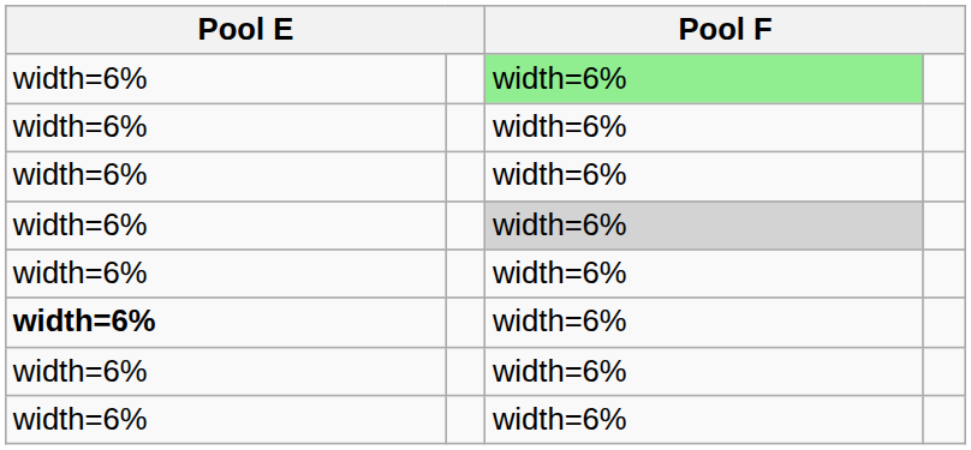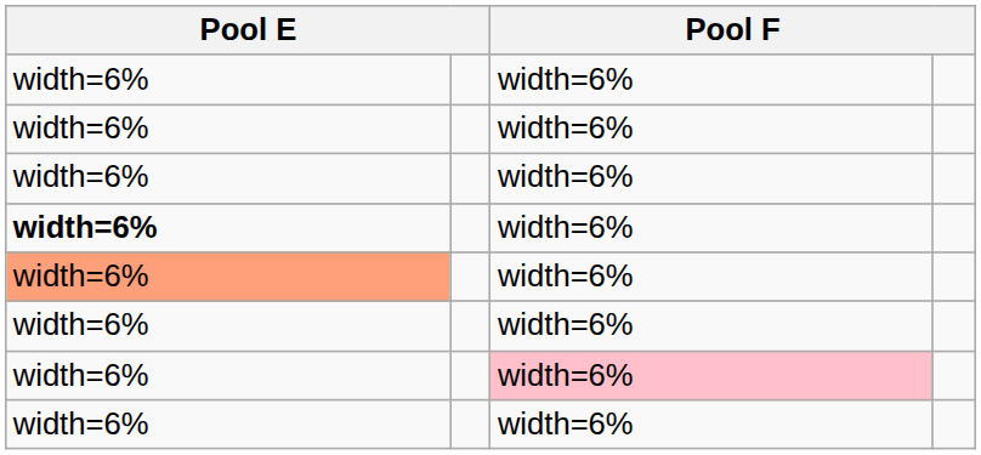 <table class="wikitable" width=500>
 <tr>
 <th width=50% colspan=2>Pool E</th>
 <th width=50% colspan=2>Pool F</th>
-</tr>
-<tr>
-<td>width=6% </td>
-<td></td>
-<td style="background: lightgreen;">width=6% </td>
-<td></td>
 </tr>
 <tr>
 <td>width=6% </td>
 <td></td>
 <td>width=6% </td>
 <td></td>
 </tr>
 <tr>
 <td>width=6% </td>
 <td></td>
 <td>width=6% </td>
 <td></td>
 </tr>
 <tr>
 <td>width=6% </td>
 <td></td>
-<td style="background: lightgrey;">width=6% </td>
+<td>width=6% </td>
 <td></td>
 </tr>
 <tr>
-<td>width=6% </td>
+<td><strong>width=6% </strong></td>
 <td></td>
 <td>width=6% </td>
 <td></td>
 </tr>
 <tr>
-<td><strong>width=6% </strong></td>
+<td style="background: lightsalmon;">width=6% </td>
 <td></td>
 <td>width=6% </td>
 <td></td>
 </tr>
 <tr>
 <td>width=6% </td>
 <td></td>
 <td>width=6% </td>
 <td></td>
 </tr>
 <tr>
 <td>width=6% </td>
 <td></td>
+<td style="background: pink;">width=6% </td>
+<td></td>
+</tr>
+<tr>
+<td>width=6% </td>
+<td></td>
 <td>width=6% </td>
 <td></td>
 </tr>
 </table>
